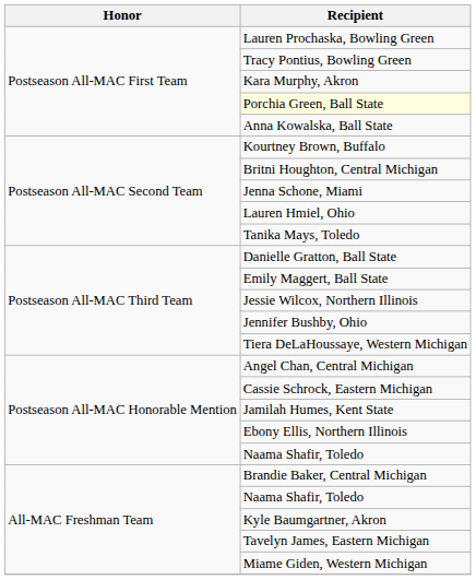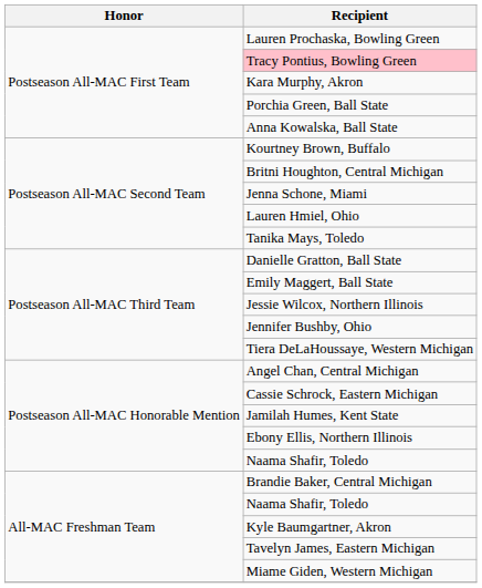 <table class="wikitable" border="1">
 <tr>
 <th>Honor</th>
 <th>Recipient</th>
 </tr>
 <tr>
 <td rowspan=5 valign=middle>Postseason All-MAC First Team</td>
 <td>Lauren Prochaska, Bowling Green</td>
 </tr>
 <tr>
-<td>Tracy Pontius, Bowling Green</td>
+<td style="background: pink;">Tracy Pontius, Bowling Green</td>
 </tr>
 <tr>
 <td>Kara Murphy, Akron</td>
 </tr>
 <tr>
-<td style="background: lightyellow;">Porchia Green, Ball State</td>
+<td>Porchia Green, Ball State</td>
 </tr>
 <tr>
 <td>Anna Kowalska, Ball State</td>
 </tr>
 <tr>
 <td rowspan=5 valign=middle>Postseason All-MAC Second Team</td>
 <td>Kourtney Brown, Buffalo</td>
 </tr>
 <tr>
 <td>Britni Houghton, Central Michigan</td>
 </tr>
 <tr>
 <td>Jenna Schone, Miami</td>
 </tr>
 <tr>
 <td>Lauren Hmiel, Ohio</td>
 </tr>
 <tr>
 <td>Tanika Mays, Toledo</td>
 </tr>
 <tr>
 <td rowspan=5 valign=middle>Postseason All-MAC Third Team</td>
 <td>Danielle Gratton, Ball State</td>
 </tr>
 <tr>
 <td>Emily Maggert, Ball State</td>
 </tr>
 <tr>
 <td>Jessie Wilcox, Northern Illinois</td>
 </tr>
 <tr>
 <td>Jennifer Bushby, Ohio</td>
 </tr>
 <tr>
 <td>Tiera  DeLaHoussaye, Western Michigan</td>
 </tr>
 <tr>
 <td rowspan=5 valign=middle>Postseason All-MAC Honorable Mention</td>
 <td>Angel Chan, Central Michigan</td>
 </tr>
 <tr>
 <td>Cassie Schrock, Eastern Michigan</td>
 </tr>
 <tr>
 <td>Jamilah Humes, Kent State</td>
 </tr>
 <tr>
 <td>Ebony Ellis, Northern Illinois</td>
 </tr>
 <tr>
 <td>Naama Shafir, Toledo</td>
 </tr>
 <tr>
 <td rowspan=5 valign=middle>All-MAC Freshman Team</td>
 <td>Brandie Baker, Central Michigan</td>
 </tr>
 <tr>
 <td>Naama Shafir, Toledo</td>
 </tr>
 <tr>
 <td>Kyle Baumgartner, Akron</td>
 </tr>
 <tr>
 <td>Tavelyn James, Eastern Michigan</td>
 </tr>
 <tr>
 <td>Miame Giden, Western Michigan</td>
 </tr>
 <tr>
 </tr>
 </table>
